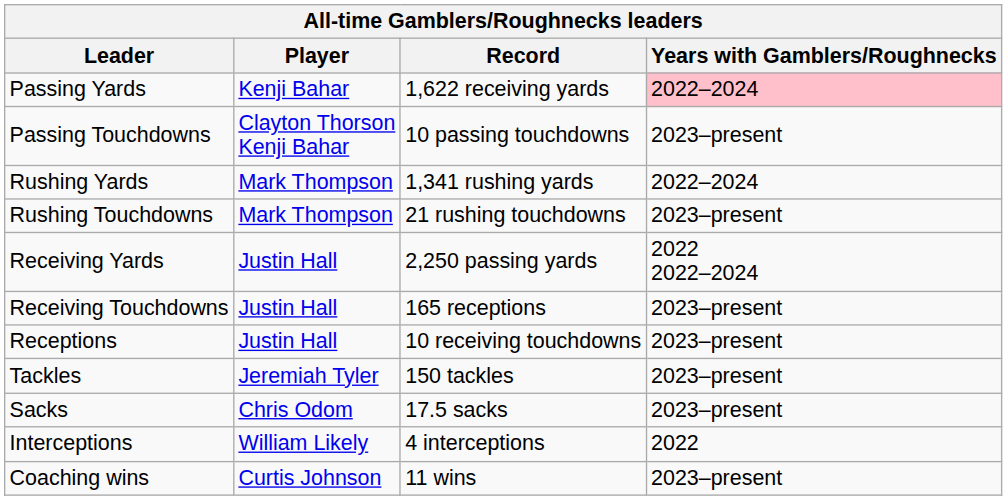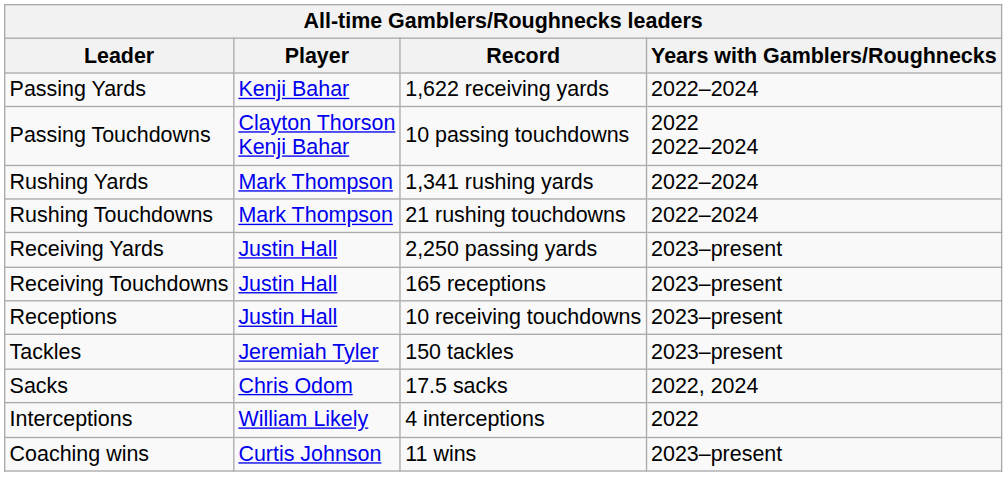 <table class="wikitable">
 <tr>
 <th colspan="5">All-time Gamblers/Roughnecks leaders</th>
 </tr>
 <tr>
 <th>Leader</th>
 <th>Player</th>
 <th>Record</th>
 <th>Years with Gamblers/Roughnecks</th>
 </tr>
 <tr>
 <td>Passing Yards</td>
 <td><a href='#'>Kenji Bahar</a></td>
 <td>1,622 receiving yards</td>
-<td style="background: pink;">2022–2024</td>
+<td>2022–2024</td>
 </tr>
 <tr>
 <td>Passing Touchdowns</td>
 <td><a href='#'>Clayton Thorson</a><br><a href='#'>Kenji Bahar</a></td>
 <td>10 passing touchdowns</td>
-<td>2023–present</td>
+<td>2022<br>2022–2024</td>
 </tr>
 <tr>
 <td>Rushing Yards</td>
 <td><a href='#'>Mark Thompson</a></td>
 <td>1,341 rushing yards</td>
 <td>2022–2024</td>
 </tr>
 <tr>
 <td>Rushing Touchdowns</td>
 <td><a href='#'>Mark Thompson</a></td>
 <td>21 rushing touchdowns</td>
-<td>2023–present</td>
+<td>2022–2024</td>
 </tr>
 <tr>
 <td>Receiving Yards</td>
 <td><a href='#'>Justin Hall</a></td>
 <td>2,250 passing yards</td>
-<td>2022<br>2022–2024</td>
+<td>2023–present</td>
 </tr>
 <tr>
 <td>Receiving Touchdowns</td>
 <td><a href='#'>Justin Hall</a></td>
 <td>165 receptions</td>
 <td>2023–present</td>
 </tr>
 <tr>
 <td>Receptions</td>
 <td><a href='#'>Justin Hall</a></td>
 <td>10 receiving touchdowns</td>
 <td>2023–present</td>
 </tr>
 <tr>
 <td>Tackles</td>
 <td><a href='#'>Jeremiah Tyler</a></td>
 <td>150 tackles</td>
 <td>2023–present</td>
 </tr>
 <tr>
 <td>Sacks</td>
 <td><a href='#'>Chris Odom</a></td>
 <td>17.5 sacks</td>
-<td>2023–present</td>
+<td>2022, 2024</td>
 </tr>
 <tr>
 <td>Interceptions</td>
 <td><a href='#'>William Likely</a></td>
 <td>4 interceptions</td>
 <td>2022</td>
 </tr>
 <tr>
 <td>Coaching wins</td>
 <td><a href='#'>Curtis Johnson</a></td>
 <td>11 wins</td>
 <td>2023–present</td>
 </tr>
 </table>
